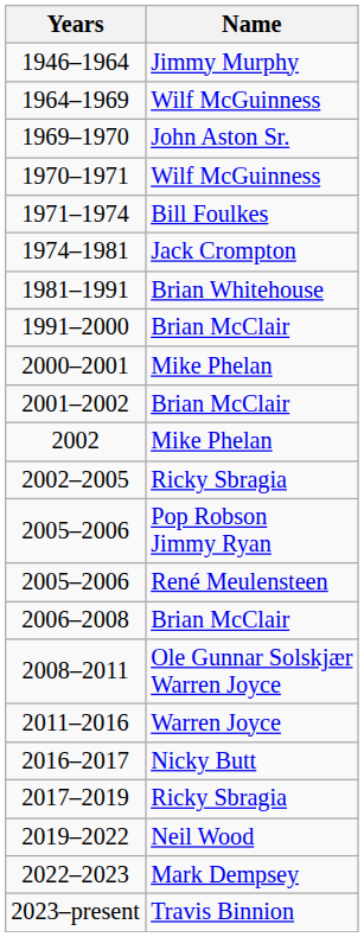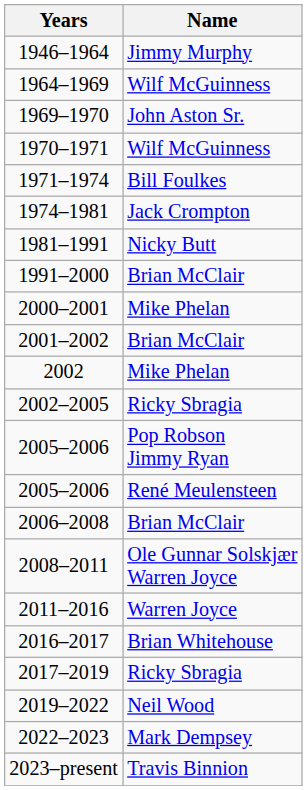 <table class="wikitable" style="text-align:center">
 <tr>
 <th>Years</th>
 <th>Name</th>
 </tr>
 <tr>
 <td>1946–1964</td>
 <td align="left"> <a href='#'>Jimmy Murphy</a></td>
 </tr>
 <tr>
 <td>1964–1969</td>
 <td align="left"> <a href='#'>Wilf McGuinness</a></td>
 </tr>
 <tr>
 <td>1969–1970</td>
 <td align="left"> <a href='#'>John Aston Sr.</a></td>
 </tr>
 <tr>
 <td>1970–1971</td>
 <td align="left"> <a href='#'>Wilf McGuinness</a></td>
 </tr>
 <tr>
 <td>1971–1974</td>
 <td align="left"> <a href='#'>Bill Foulkes</a></td>
 </tr>
 <tr>
 <td>1974–1981</td>
 <td align="left"> <a href='#'>Jack Crompton</a></td>
 </tr>
 <tr>
 <td>1981–1991</td>
-<td align="left"> <a href='#'>Brian Whitehouse</a></td>
+<td align="left"> <a href='#'>Nicky Butt</a></td>
 </tr>
 <tr>
 <td>1991–2000</td>
 <td align="left"> <a href='#'>Brian McClair</a></td>
 </tr>
 <tr>
 <td>2000–2001</td>
 <td align="left"> <a href='#'>Mike Phelan</a></td>
 </tr>
 <tr>
 <td>2001–2002</td>
 <td align="left"> <a href='#'>Brian McClair</a></td>
 </tr>
 <tr>
 <td>2002</td>
 <td align="left"> <a href='#'>Mike Phelan</a></td>
 </tr>
 <tr>
 <td>2002–2005</td>
 <td align="left"> <a href='#'>Ricky Sbragia</a></td>
 </tr>
 <tr>
 <td>2005–2006</td>
 <td align="left"> <a href='#'>Pop Robson</a><br> <a href='#'>Jimmy Ryan</a></td>
 </tr>
 <tr>
 <td>2005–2006</td>
 <td align="left"> <a href='#'>René Meulensteen</a></td>
 </tr>
 <tr>
 <td>2006–2008</td>
 <td align="left"> <a href='#'>Brian McClair</a></td>
 </tr>
 <tr>
 <td>2008–2011</td>
 <td align="left"> <a href='#'>Ole Gunnar Solskjær</a> <br>  <a href='#'>Warren Joyce</a></td>
 </tr>
 <tr>
 <td>2011–2016</td>
 <td align="left"> <a href='#'>Warren Joyce</a></td>
 </tr>
 <tr>
 <td>2016–2017</td>
-<td align="left"> <a href='#'>Nicky Butt</a></td>
+<td align="left"> <a href='#'>Brian Whitehouse</a></td>
 </tr>
 <tr>
 <td>2017–2019</td>
 <td align="left"> <a href='#'>Ricky Sbragia</a></td>
 </tr>
 <tr>
 <td>2019–2022</td>
 <td align="left"> <a href='#'>Neil Wood</a></td>
 </tr>
 <tr>
 <td>2022–2023</td>
 <td align="left"> <a href='#'>Mark Dempsey</a></td>
 </tr>
 <tr>
 <td>2023–present</td>
 <td align="left"> <a href='#'>Travis Binnion</a></td>
 </tr>
 </table>
